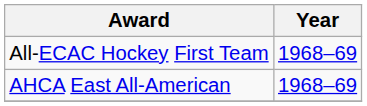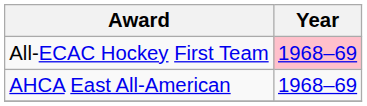 <table class="wikitable">
 <tr>
 <th>Award</th>
 <th>Year</th>
 </tr>
 <tr>
 <td>All-<a href='#'>ECAC Hockey</a> <a href='#'>First Team</a></td>
-<td><a href='#'>1968–69</a></td>
+<td style="background: pink;"><a href='#'>1968–69</a></td>
 </tr>
 <tr>
 <td><a href='#'>AHCA</a> <a href='#'>East All-American</a></td>
 <td><a href='#'>1968–69</a></td>
 </tr>
 <tr>
 </tr>
 </table>
